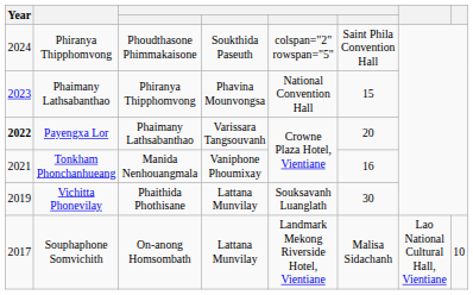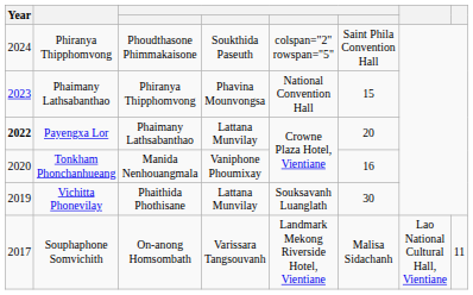 <table class="wikitable sortable" style="font-size: 95%; text-align:center">
 <tr>
 <th rowspan="2">Year</th>
 <th rowspan="2"></th>
 <th colspan="4"></th>
 <th rowspan="2"></th>
 <th rowspan="2"></th>
 </tr>
 <tr>
 <th></th>
 <th></th>
 <th></th>
 <th></th>
 </tr>
 <tr>
 <td>2024</td>
 <td>Phiranya Thipphomvong</td>
 <td>Phoudthasone Phimmakaisone</td>
 <td>Soukthida Paseuth</td>
 <td>colspan="2" rowspan="5" </td>
 <td>Saint Phila Convention Hall</td>
 </tr>
 <tr>
 <td><a href='#'>2023</a></td>
 <td>Phaimany Lathsabanthao</td>
 <td>Phiranya Thipphomvong</td>
 <td>Phavina Mounvongsa</td>
 <td>National Convention Hall</td>
 <td>15</td>
 </tr>
 <tr>
 <td><strong>2022</strong></td>
 <td><a href='#'>Payengxa Lor</a></td>
 <td>Phaimany Lathsabanthao</td>
-<td>Varissara Tangsouvanh</td>
+<td>Lattana Munvilay</td>
 <td rowspan="2">Crowne Plaza Hotel, <a href='#'>Vientiane</a></td>
 <td>20</td>
 </tr>
 <tr>
-<td>2021</td>
+<td>2020</td>
 <td><a href='#'>Tonkham Phonchanhueang</a></td>
 <td>Manida Nenhouangmala</td>
 <td>Vaniphone Phoumixay</td>
 <td>16</td>
 </tr>
 <tr>
 <td>2019</td>
 <td><a href='#'>Vichitta Phonevilay</a></td>
 <td>Phaithida Phothisane</td>
 <td>Lattana Munvilay</td>
 <td>Souksavanh Luanglath</td>
 <td>30</td>
 </tr>
 <tr>
 <td>2017</td>
 <td>Souphaphone Somvichith</td>
 <td>On-anong Homsombath</td>
-<td>Lattana Munvilay</td>
+<td>Varissara Tangsouvanh</td>
 <td>Landmark Mekong Riverside Hotel, <a href='#'>Vientiane</a></td>
 <td>Malisa Sidachanh</td>
 <td>Lao National Cultural Hall, <a href='#'>Vientiane</a></td>
-<td>10</td>
+<td>11</td>
 </tr>
 </table>
